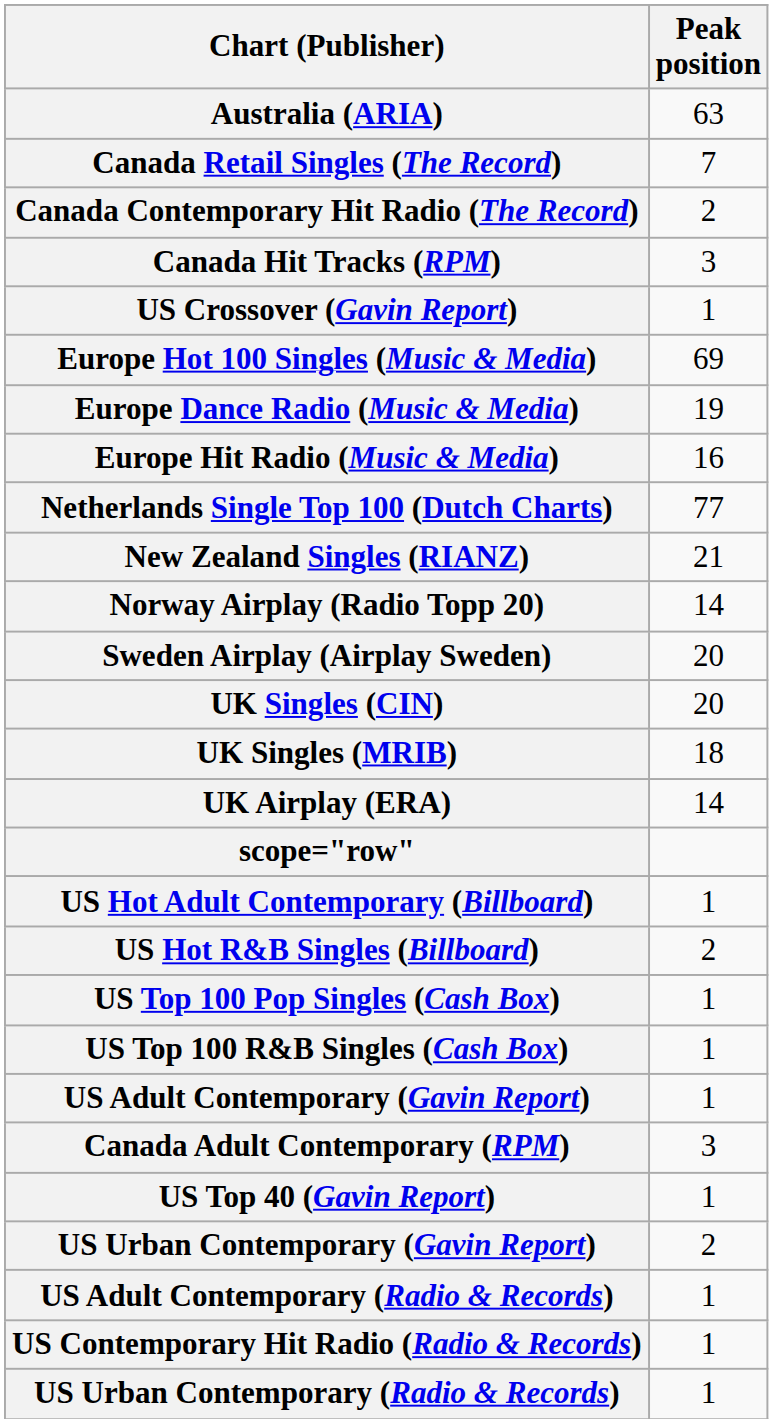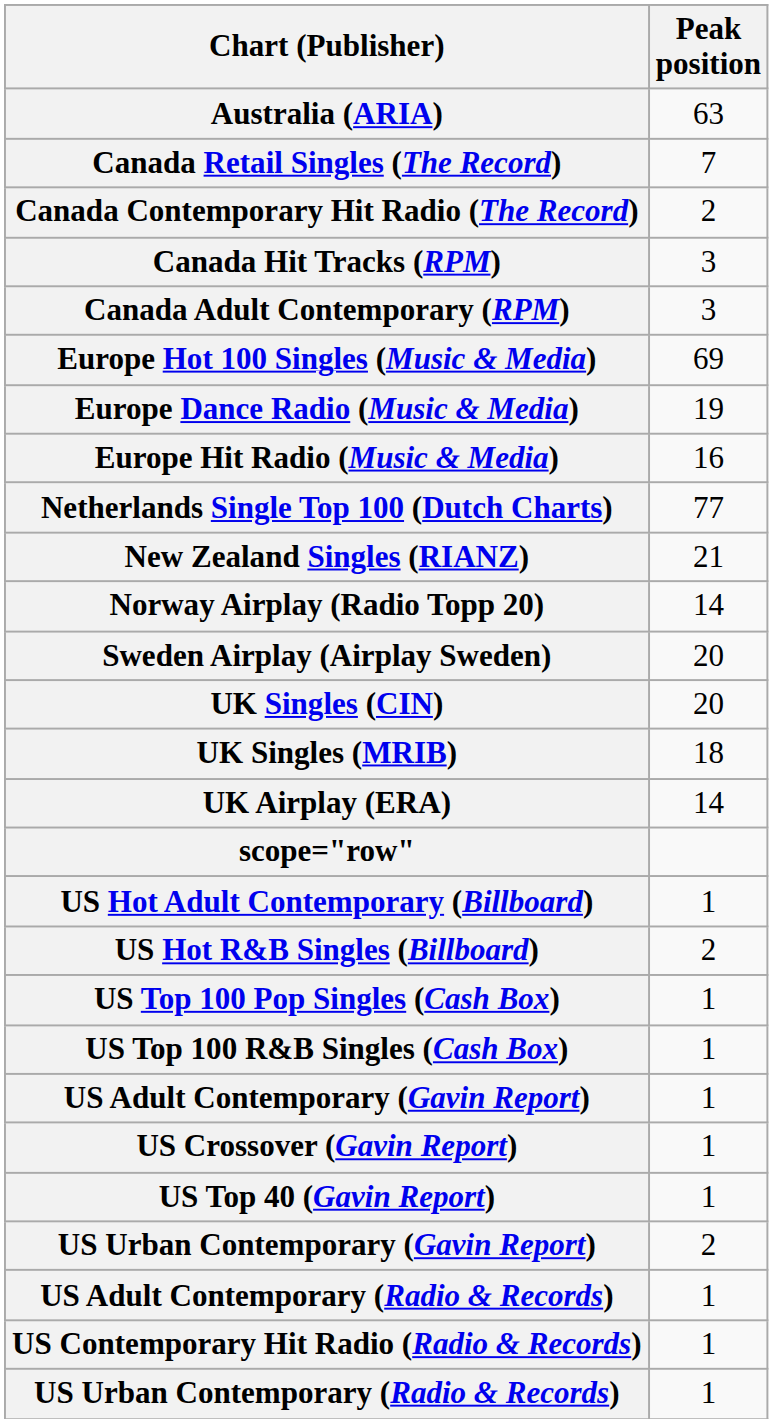 <table class="wikitable sortable plainrowheaders" style="text-align:center">
 <tr>
 <th scope="col">Chart (Publisher)</th>
 <th scope="col">Peak <br>position</th>
 </tr>
 <tr>
 <th scope="row">Australia (<a href='#'>ARIA</a>)</th>
 <td>63</td>
 </tr>
 <tr>
 <th scope="row">Canada <a href='#'>Retail Singles</a> (<em><a href='#'>The Record</a></em>)</th>
 <td>7</td>
 </tr>
 <tr>
 <th scope="row">Canada Contemporary Hit Radio (<em><a href='#'>The Record</a></em>)</th>
 <td>2</td>
 </tr>
 <tr>
 <th scope="row">Canada Hit Tracks (<em><a href='#'>RPM</a></em>)</th>
 <td>3</td>
 </tr>
 <tr>
-<th scope="row">US Crossover (<em><a href='#'>Gavin Report</a></em>)</th>
-<td>1</td>
+<th scope="row">Canada Adult Contemporary (<em><a href='#'>RPM</a></em>)</th>
+<td>3</td>
 </tr>
 <tr>
 <th scope="row">Europe <a href='#'>Hot 100 Singles</a> (<em><a href='#'>Music & Media</a></em>)</th>
 <td>69</td>
 </tr>
 <tr>
 <th scope="row">Europe <a href='#'>Dance Radio</a> (<em><a href='#'>Music & Media</a></em>)</th>
 <td>19</td>
 </tr>
 <tr>
 <th scope="row">Europe Hit Radio (<em><a href='#'>Music & Media</a></em>)</th>
 <td>16</td>
 </tr>
 <tr>
 <th scope="row">Netherlands <a href='#'>Single Top 100</a> (<a href='#'>Dutch Charts</a>)</th>
 <td>77</td>
 </tr>
 <tr>
 <th scope="row">New Zealand <a href='#'>Singles</a> (<a href='#'>RIANZ</a>)</th>
 <td>21</td>
 </tr>
 <tr>
 <th scope="row">Norway Airplay (Radio Topp 20)</th>
 <td>14</td>
 </tr>
 <tr>
 <th scope="row">Sweden Airplay (Airplay Sweden)</th>
 <td>20</td>
 </tr>
 <tr>
 <th scope="row">UK <a href='#'>Singles</a> (<a href='#'>CIN</a>)</th>
 <td>20</td>
 </tr>
 <tr>
 <th scope="row">UK Singles (<a href='#'>MRIB</a>)</th>
 <td>18</td>
 </tr>
 <tr>
 <th scope="row">UK Airplay (ERA)</th>
 <td>14</td>
 </tr>
 <tr>
 <th>scope="row" </th>
 </tr>
 <tr>
 <th scope="row">US <a href='#'>Hot Adult Contemporary</a> (<em><a href='#'>Billboard</a></em>)</th>
 <td>1</td>
 </tr>
 <tr>
 <th scope="row">US <a href='#'>Hot R&B Singles</a> (<em><a href='#'>Billboard</a></em>)</th>
 <td>2</td>
 </tr>
 <tr>
 <th scope="row">US <a href='#'>Top 100 Pop Singles</a> (<em><a href='#'>Cash Box</a></em>)</th>
 <td>1</td>
 </tr>
 <tr>
 <th scope="row">US Top 100 R&B Singles (<em><a href='#'>Cash Box</a></em>)</th>
 <td>1</td>
 </tr>
 <tr>
 <th scope="row">US Adult Contemporary (<em><a href='#'>Gavin Report</a></em>)</th>
 <td>1</td>
 </tr>
 <tr>
-<th scope="row">Canada Adult Contemporary (<em><a href='#'>RPM</a></em>)</th>
-<td>3</td>
+<th scope="row">US Crossover (<em><a href='#'>Gavin Report</a></em>)</th>
+<td>1</td>
 </tr>
 <tr>
 <th scope="row">US Top 40 (<em><a href='#'>Gavin Report</a></em>)</th>
 <td>1</td>
 </tr>
 <tr>
 <th scope="row">US Urban Contemporary (<em><a href='#'>Gavin Report</a></em>)</th>
 <td>2</td>
 </tr>
 <tr>
 <th scope="row">US Adult Contemporary (<em><a href='#'>Radio & Records</a></em>)</th>
 <td>1</td>
 </tr>
 <tr>
 <th scope="row">US Contemporary Hit Radio (<em><a href='#'>Radio & Records</a></em>)</th>
 <td>1</td>
 </tr>
 <tr>
 <th scope="row">US Urban Contemporary (<em><a href='#'>Radio & Records</a></em>)</th>
 <td>1</td>
 </tr>
 </table>
